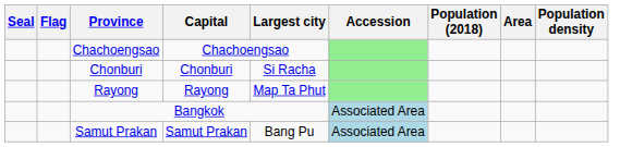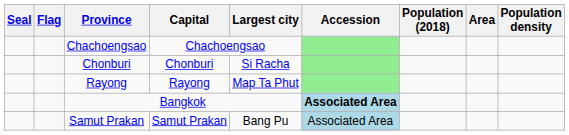 <table class="wikitable sortable" style="float:center; text-align:center; white-space:nowrap">
 <tr>
 <th class="unsortable"><a href='#'>Seal</a></th>
 <th class="unsortable"><a href='#'>Flag</a></th>
 <th><a href='#'>Province</a></th>
 <th>Capital</th>
 <th>Largest city</th>
 <th>Accession</th>
 <th>Population<br>(2018)</th>
 <th>Area</th>
 <th>Population<br>density</th>
 </tr>
 <tr>
 <td></td>
 <td></td>
 <td><a href='#'>Chachoengsao</a></td>
 <td colspan=2><a href='#'>Chachoengsao</a></td>
 <td style = "background:lightgreen;"></td>
 <td style="text-align:right;"></td>
 <td style="text-align:right;"></td>
 <td style="text-align:right;"></td>
 </tr>
 <tr>
 <td></td>
 <td></td>
 <td><a href='#'>Chonburi</a></td>
 <td><a href='#'>Chonburi</a></td>
 <td><a href='#'>Si Racha</a></td>
 <td style = "background:lightgreen;"></td>
 <td style="text-align:right;"></td>
 <td style="text-align:right;"></td>
 <td style="text-align:right;"></td>
 </tr>
 <tr>
 <td></td>
 <td></td>
 <td><a href='#'>Rayong</a></td>
 <td><a href='#'>Rayong</a></td>
 <td><a href='#'>Map Ta Phut</a></td>
 <td style = "background:lightgreen;"></td>
 <td style="text-align:right;"></td>
 <td style="text-align:right;"></td>
 <td style="text-align:right;"></td>
 </tr>
 <tr>
 <td></td>
 <td></td>
 <td colspan=3><a href='#'>Bangkok</a></td>
-<td style = "background:lightblue;">Associated Area</td>
+<td style = "background:lightblue;"><strong>Associated Area</strong></td>
 <td style="text-align:right;"></td>
 <td style="text-align:right;"></td>
 <td style="text-align:right;"></td>
 </tr>
 <tr>
 <td></td>
 <td></td>
 <td><a href='#'>Samut Prakan</a></td>
 <td><a href='#'>Samut Prakan</a></td>
 <td>Bang Pu</td>
 <td style = "background:lightblue;">Associated Area</td>
 <td style="text-align:right;"></td>
 <td style="text-align:right;"></td>
 <td style="text-align:right;"></td>
 </tr>
 </table>
